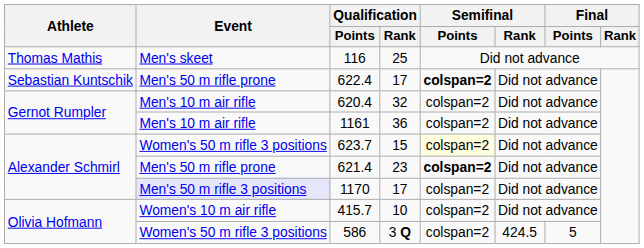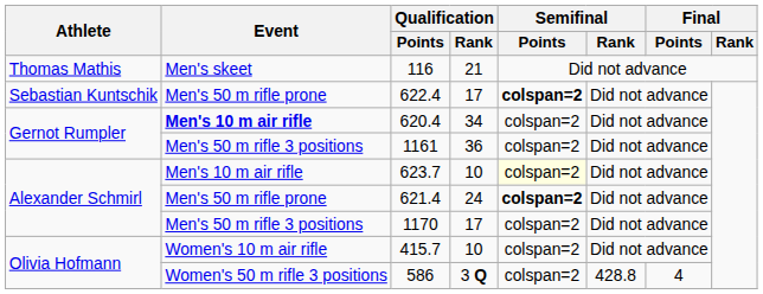 <table class="wikitable" style="font-size:90%">
 <tr>
 <th rowspan="2">Athlete</th>
 <th rowspan="2">Event</th>
 <th colspan=2>Qualification</th>
 <th colspan=2>Semifinal</th>
 <th colspan=2>Final</th>
 </tr>
 <tr style="font-size:95%">
 <th>Points</th>
 <th>Rank</th>
 <th>Points</th>
 <th>Rank</th>
 <th>Points</th>
 <th>Rank</th>
 </tr>
 <tr align=center>
 <td align=left><a href='#'>Thomas Mathis</a></td>
 <td align=left><a href='#'>Men's skeet</a></td>
 <td>116</td>
-<td>25</td>
+<td>21</td>
 <td colspan=4>Did not advance</td>
 </tr>
 <tr align=center>
 <td align=left><a href='#'>Sebastian Kuntschik</a></td>
 <td align=left><a href='#'>Men's 50 m rifle prone</a></td>
 <td>622.4</td>
 <td>17</td>
 <td><strong>colspan=2 </strong></td>
 <td colspan=2>Did not advance</td>
 </tr>
 <tr align=center>
 <td align=left rowspan=2><a href='#'>Gernot Rumpler</a></td>
-<td align=left><a href='#'>Men's 10 m air rifle</a></td>
+<td align=left><strong><a href='#'>Men's 10 m air rifle</a></strong></td>
 <td>620.4</td>
-<td>32</td>
+<td>34</td>
 <td>colspan=2 </td>
 <td colspan=2>Did not advance</td>
 </tr>
 <tr align=center>
-<td align=left><a href='#'>Men's 10 m air rifle</a></td>
+<td align=left><a href='#'>Men's 50 m rifle 3 positions</a></td>
 <td>1161</td>
 <td>36</td>
 <td>colspan=2 </td>
 <td colspan=2>Did not advance</td>
 </tr>
 <tr align=center>
 <td align=left rowspan=3><a href='#'>Alexander Schmirl</a></td>
-<td align=left><a href='#'>Women's 50 m rifle 3 positions</a></td>
+<td align=left><a href='#'>Men's 10 m air rifle</a></td>
 <td>623.7</td>
-<td>15</td>
+<td>10</td>
 <td style="background: lightyellow;">colspan=2 </td>
 <td colspan=2>Did not advance</td>
 </tr>
 <tr align=center>
 <td align=left><a href='#'>Men's 50 m rifle prone</a></td>
 <td>621.4</td>
-<td>23</td>
+<td>24</td>
 <td><strong>colspan=2 </strong></td>
 <td colspan=2>Did not advance</td>
 </tr>
 <tr align=center>
-<td align=left style="background: lavender;"><a href='#'>Men's 50 m rifle 3 positions</a></td>
+<td align=left><a href='#'>Men's 50 m rifle 3 positions</a></td>
 <td>1170</td>
 <td>17</td>
 <td>colspan=2 </td>
 <td colspan=2>Did not advance</td>
 </tr>
 <tr align=center>
 <td align=left rowspan=2><a href='#'>Olivia Hofmann</a></td>
 <td align=left><a href='#'>Women's 10 m air rifle</a></td>
 <td>415.7</td>
 <td>10</td>
 <td>colspan=2 </td>
 <td colspan=2>Did not advance</td>
 </tr>
 <tr align=center>
 <td align=left><a href='#'>Women's 50 m rifle 3 positions</a></td>
 <td>586</td>
 <td>3 <strong>Q</strong></td>
 <td>colspan=2 </td>
-<td>424.5</td>
-<td>5</td>
+<td>428.8</td>
+<td>4</td>
 </tr>
 </table>
